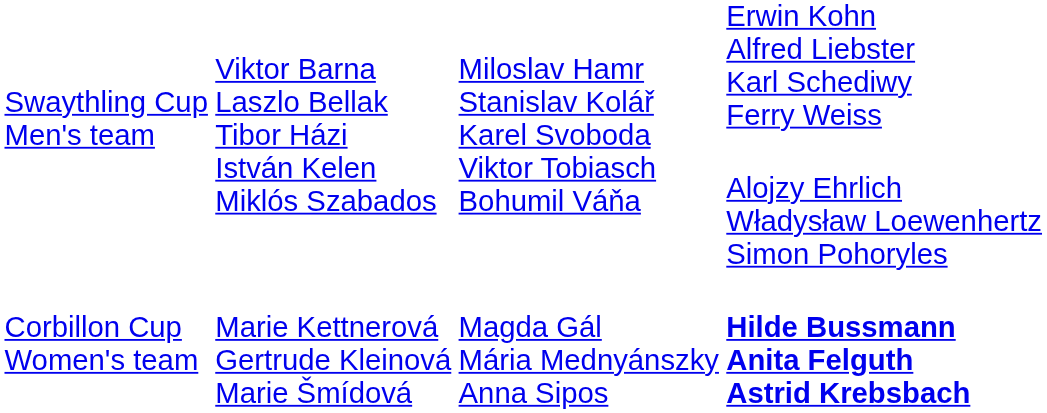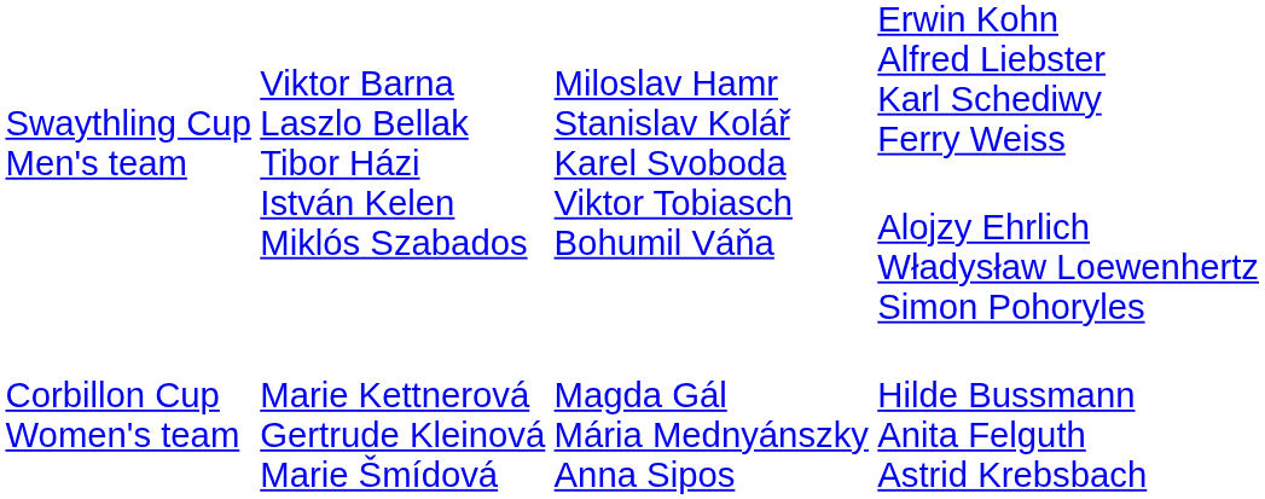 <table>
 <tr>
 <td rowspan=2><a href='#'>Swaythling Cup<br>Men's team</a></td>
 <td rowspan=2><br><a href='#'>Viktor Barna</a><br><a href='#'>Laszlo Bellak</a><br><a href='#'>Tibor Házi</a><br><a href='#'>István Kelen</a><br><a href='#'>Miklós Szabados</a></td>
 <td rowspan=2><br><a href='#'>Miloslav Hamr</a><br><a href='#'>Stanislav Kolář</a><br><a href='#'>Karel Svoboda</a><br><a href='#'>Viktor Tobiasch</a><br><a href='#'>Bohumil Váňa</a></td>
 <td><br><a href='#'>Erwin Kohn</a><br><a href='#'>Alfred Liebster</a><br><a href='#'>Karl Schediwy</a><br><a href='#'>Ferry Weiss</a></td>
 </tr>
 <tr>
 <td><br><a href='#'>Alojzy Ehrlich</a><br><a href='#'>Władysław Loewenhertz</a><br><a href='#'>Simon Pohoryles</a></td>
 </tr>
 <tr>
 <td rowspan=2><a href='#'>Corbillon Cup<br>Women's team</a></td>
 <td rowspan=2><br><a href='#'>Marie Kettnerová</a><br><a href='#'>Gertrude Kleinová</a><br><a href='#'>Marie Šmídová</a></td>
 <td rowspan=2><br><a href='#'>Magda Gál</a><br><a href='#'>Mária Mednyánszky</a><br><a href='#'>Anna Sipos</a></td>
-<td><strong><br><a href='#'>Hilde Bussmann</a><br><a href='#'>Anita Felguth</a><br><a href='#'>Astrid Krebsbach</a></strong></td>
+<td><br><a href='#'>Hilde Bussmann</a><br><a href='#'>Anita Felguth</a><br><a href='#'>Astrid Krebsbach</a></td>
 </tr>
 </table>
